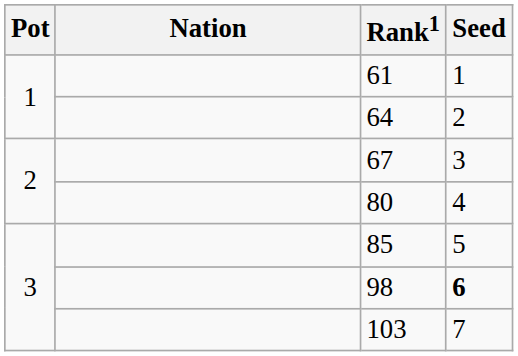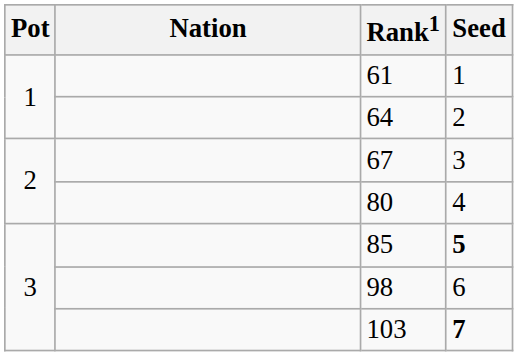 <table class="wikitable">
 <tr>
 <th>Pot</th>
 <th width="175">Nation</th>
 <th>Rank<sup>1</sup></th>
 <th>Seed</th>
 </tr>
 <tr>
 <td rowspan=2 style="text-align:center;">1</td>
 <td></td>
 <td>61</td>
 <td>1</td>
 </tr>
 <tr>
 <td></td>
 <td>64</td>
 <td>2</td>
 </tr>
 <tr>
 <td rowspan=2 style="text-align:center;">2</td>
 <td></td>
 <td>67</td>
 <td>3</td>
 </tr>
 <tr>
 <td></td>
 <td>80</td>
 <td>4</td>
 </tr>
 <tr>
 <td rowspan=3 style="text-align:center;">3</td>
 <td></td>
 <td>85</td>
-<td>5</td>
+<td><strong>5</strong></td>
 </tr>
 <tr>
 <td></td>
 <td>98</td>
-<td><strong>6</strong></td>
+<td>6</td>
 </tr>
 <tr>
 <td></td>
 <td>103</td>
-<td>7</td>
+<td><strong>7</strong></td>
 </tr>
 </table>
